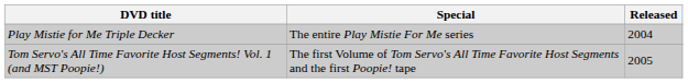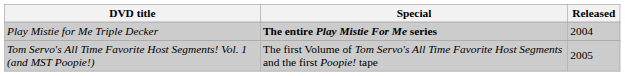 <table class="wikitable">
 <tr>
 <th width=25%>DVD title</th>
 <th width=30%>Special</th>
 <th width=1%>Released</th>
 </tr>
 <tr>
 </tr>
 <tr style="text-align:left; background:#ccc;">
 <td><em>Play Mistie for Me Triple Decker</em></td>
-<td>The entire <em>Play Mistie For Me</em> series</td>
+<td><strong>The entire <em>Play Mistie For Me</em> series</strong></td>
 <td>2004</td>
 </tr>
 <tr>
 </tr>
 <tr style="text-align:left; background:#ccc;">
 <td><em>Tom Servo's All Time Favorite Host Segments! Vol. 1 (and MST Poopie!)</em></td>
 <td>The first Volume of <em>Tom Servo's All Time Favorite Host Segments</em> and the first <em>Poopie!</em> tape</td>
 <td>2005</td>
 </tr>
 </table>
